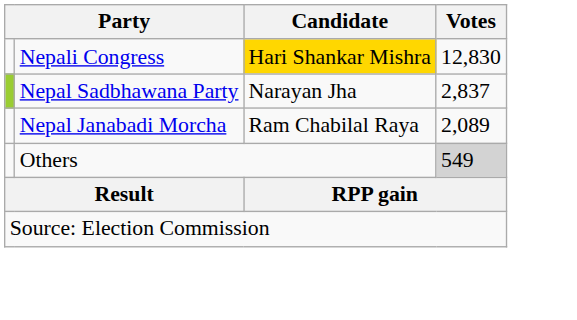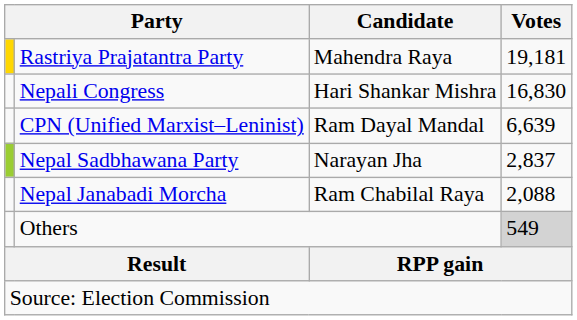 <table class="wikitable">
 <tr>
 <th colspan="2">Party</th>
 <th>Candidate</th>
 <th>Votes</th>
 </tr>
 <tr>
+<td style="background-color:gold"></td>
+<td><a href='#'>Rastriya Prajatantra Party</a></td>
+<td>Mahendra Raya</td>
+<td>19,181</td>
+</tr>
+<tr>
 <td style="background-color:"></td>
 <td><a href='#'>Nepali Congress</a></td>
-<td style="background: gold;">Hari Shankar Mishra</td>
-<td>12,830</td>
+<td>Hari Shankar Mishra</td>
+<td>16,830</td>
+</tr>
+<tr>
+<td style="background-color:"></td>
+<td><a href='#'>CPN (Unified Marxist–Leninist)</a></td>
+<td>Ram Dayal Mandal</td>
+<td>6,639</td>
 </tr>
 <tr>
 <td style="background-color:yellowgreen"></td>
 <td><a href='#'>Nepal Sadbhawana Party</a></td>
 <td>Narayan Jha</td>
 <td>2,837</td>
 </tr>
 <tr>
 <td></td>
 <td><a href='#'>Nepal Janabadi Morcha</a></td>
 <td>Ram Chabilal Raya</td>
-<td>2,089</td>
+<td>2,088</td>
 </tr>
 <tr>
 <td></td>
 <td colspan="2">Others</td>
 <td style="background: lightgrey;">549</td>
 </tr>
 <tr>
 <th colspan="2">Result</th>
 <th colspan="2">RPP gain</th>
 </tr>
 <tr>
 <td colspan="4">Source: Election Commission</td>
 </tr>
 </table>
